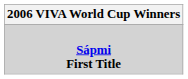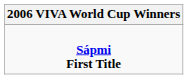 <table class="wikitable" style="text-align: center; margin: 0 auto;">
 <tr>
 <th>2006 VIVA World Cup Winners</th>
 </tr>
 <tr>
 </tr>
 <tr>
-<td style="background: lightgrey;"><br><strong><a href='#'>Sápmi</a></strong><br><strong>First Title</strong></td>
+<td><br><strong><a href='#'>Sápmi</a></strong><br><strong>First Title</strong></td>
 </tr>
 </table>
